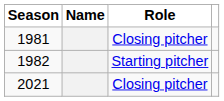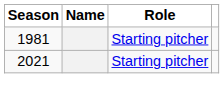 <table class="wikitable sortable plainrowheaders" style="text-align:center">
 <tr>
 <th scope="col" style="background-color:#ffffff; border-top:#">Season</th>
 <th scope="col" style="background-color:#ffffff; border-top:#">Name</th>
 <th scope="col" style="background-color:#ffffff; border-top:#">Role</th>
 <th scope="col" class="unsortable" style="background-color:#ffffff; border-top:#"></th>
 </tr>
 <tr>
 <td>1981</td>
 <th scope="row" style="text-align:center"></th>
-<td><a href='#'>Closing pitcher</a></td>
-<td></td>
-</tr>
-<tr>
-<td>1982</td>
-<th scope="row" style="text-align:center"></th>
 <td><a href='#'>Starting pitcher</a></td>
 <td></td>
 </tr>
 <tr>
 <td>2021</td>
 <th scope="row" style="text-align:center"></th>
-<td><a href='#'>Closing pitcher</a></td>
+<td><a href='#'>Starting pitcher</a></td>
 <td></td>
 </tr>
 </table>
